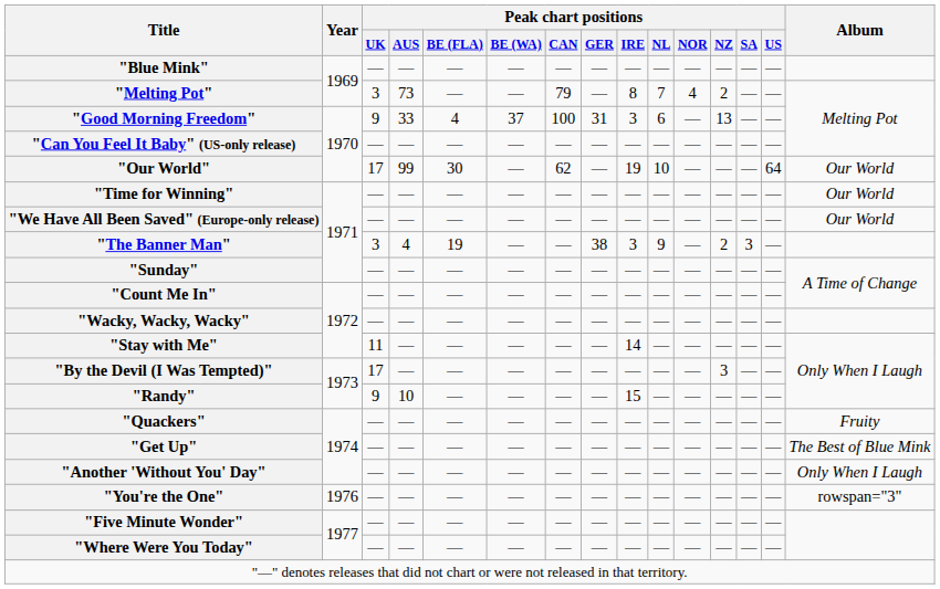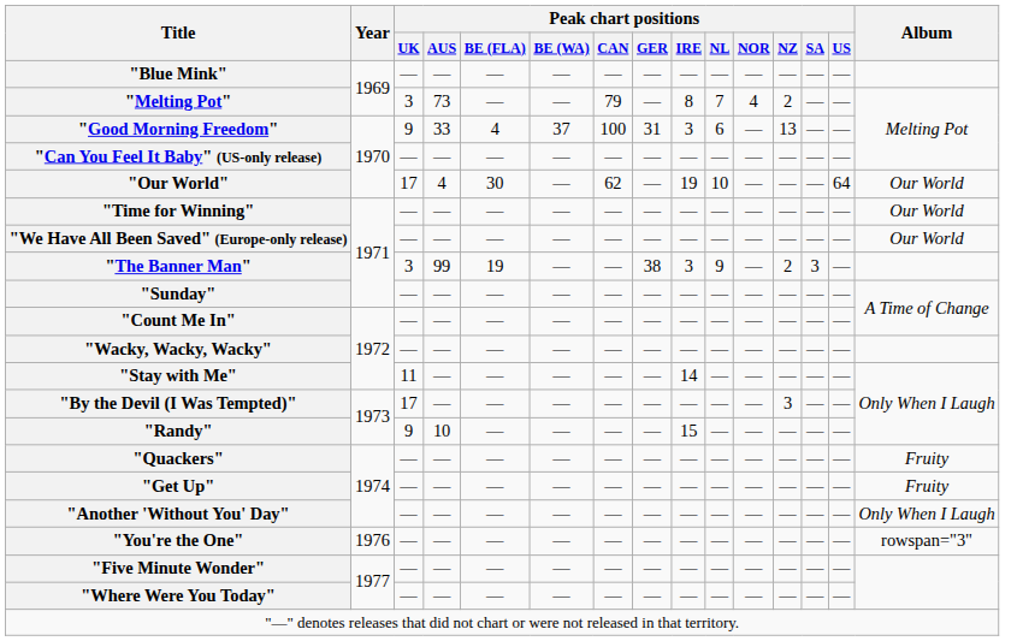 <table class="wikitable plainrowheaders" style="text-align:center;">
 <tr>
 <th rowspan="2">Title</th>
 <th rowspan="2">Year</th>
 <th colspan="12">Peak chart positions</th>
 <th rowspan="2">Album</th>
 </tr>
 <tr>
 <th scope="col"><small><a href='#'>UK</a></small><br></th>
 <th scope="col"><small><a href='#'>AUS</a></small><br></th>
 <th><small><a href='#'>BE (FLA)</a></small><br></th>
 <th><small><a href='#'>BE (WA)</a></small><br></th>
 <th><small><a href='#'>CAN</a></small><br></th>
 <th><small><a href='#'>GER</a></small><br></th>
 <th><small><a href='#'>IRE</a></small><br></th>
 <th><small><a href='#'>NL</a></small><br></th>
 <th><small><a href='#'>NOR</a></small><br></th>
 <th><small><a href='#'>NZ</a></small><br></th>
 <th><small><a href='#'>SA</a></small><br></th>
 <th><small><a href='#'>US</a></small><br></th>
 </tr>
 <tr>
 <th scope="row">"Blue Mink"</th>
 <td rowspan="2">1969</td>
 <td>—</td>
 <td>—</td>
 <td>—</td>
 <td>—</td>
 <td>—</td>
 <td>—</td>
 <td>—</td>
 <td>—</td>
 <td>—</td>
 <td>—</td>
 <td>—</td>
 <td>—</td>
 <td></td>
 </tr>
 <tr>
 <th scope="row">"<a href='#'>Melting Pot</a>"</th>
 <td align="center">3</td>
 <td>73</td>
 <td>—</td>
 <td>—</td>
 <td>79</td>
 <td>—</td>
 <td>8</td>
 <td>7</td>
 <td>4</td>
 <td>2</td>
 <td>—</td>
 <td>—</td>
 <td rowspan="3"><em>Melting Pot</em></td>
 </tr>
 <tr>
 <th scope="row">"<a href='#'>Good Morning Freedom</a>"</th>
 <td rowspan="3">1970</td>
 <td>9</td>
 <td>33</td>
 <td>4</td>
 <td>37</td>
 <td>100</td>
 <td>31</td>
 <td>3</td>
 <td>6</td>
 <td>—</td>
 <td>13</td>
 <td>—</td>
 <td>—</td>
 </tr>
 <tr>
 <th scope="row">"<a href='#'>Can You Feel It Baby</a>" <small>(US-only release)</small></th>
 <td>—</td>
 <td>—</td>
 <td>—</td>
 <td>—</td>
 <td>—</td>
 <td>—</td>
 <td>—</td>
 <td>—</td>
 <td>—</td>
 <td>—</td>
 <td>—</td>
 <td>—</td>
 </tr>
 <tr>
 <th scope="row">"Our World"</th>
 <td align="center">17</td>
-<td>99</td>
+<td>4</td>
 <td>30</td>
 <td>—</td>
 <td>62</td>
 <td>—</td>
 <td>19</td>
 <td>10</td>
 <td>—</td>
 <td>—</td>
 <td>—</td>
 <td>64</td>
 <td><em>Our World</em></td>
 </tr>
 <tr>
 <th scope="row">"Time for Winning"</th>
 <td rowspan="4">1971</td>
 <td align="center">—</td>
 <td>—</td>
 <td>—</td>
 <td>—</td>
 <td>—</td>
 <td>—</td>
 <td>—</td>
 <td>—</td>
 <td>—</td>
 <td>—</td>
 <td>—</td>
 <td>—</td>
 <td><em>Our World</em></td>
 </tr>
 <tr>
 <th scope="row">"We Have All Been Saved" <small>(Europe-only release)</small></th>
 <td align="center">—</td>
 <td>—</td>
 <td>—</td>
 <td>—</td>
 <td>—</td>
 <td>—</td>
 <td>—</td>
 <td>—</td>
 <td>—</td>
 <td>—</td>
 <td>—</td>
 <td>—</td>
 <td><em>Our World</em></td>
 </tr>
 <tr>
 <th scope="row">"<a href='#'>The Banner Man</a>"</th>
 <td align="center">3</td>
-<td>4</td>
+<td>99</td>
 <td>19</td>
 <td>—</td>
 <td>—</td>
 <td>38</td>
 <td>3</td>
 <td>9</td>
 <td>—</td>
 <td>2</td>
 <td>3</td>
 <td>—</td>
 <td></td>
 </tr>
 <tr>
 <th scope="row">"Sunday"</th>
 <td align="center">—</td>
 <td>—</td>
 <td>—</td>
 <td>—</td>
 <td>—</td>
 <td>—</td>
 <td>—</td>
 <td>—</td>
 <td>—</td>
 <td>—</td>
 <td>—</td>
 <td>—</td>
 <td rowspan="2"><em>A Time of Change</em></td>
 </tr>
 <tr>
 <th scope="row">"Count Me In"</th>
 <td rowspan="3">1972</td>
 <td>—</td>
 <td>—</td>
 <td>—</td>
 <td>—</td>
 <td>—</td>
 <td>—</td>
 <td>—</td>
 <td>—</td>
 <td>—</td>
 <td>—</td>
 <td>—</td>
 <td>—</td>
 </tr>
 <tr>
 <th scope="row">"Wacky, Wacky, Wacky"</th>
 <td align="center">—</td>
 <td>—</td>
 <td>—</td>
 <td>—</td>
 <td>—</td>
 <td>—</td>
 <td>—</td>
 <td>—</td>
 <td>—</td>
 <td>—</td>
 <td>—</td>
 <td>—</td>
 <td></td>
 </tr>
 <tr>
 <th scope="row">"Stay with Me"</th>
 <td>11</td>
 <td>—</td>
 <td>—</td>
 <td>—</td>
 <td>—</td>
 <td>—</td>
 <td>14</td>
 <td>—</td>
 <td>—</td>
 <td>—</td>
 <td>—</td>
 <td>—</td>
 <td rowspan="3"><em>Only When I Laugh</em></td>
 </tr>
 <tr>
 <th scope="row">"By the Devil (I Was Tempted)"</th>
 <td rowspan="2">1973</td>
 <td align="center">17</td>
 <td>—</td>
 <td>—</td>
 <td>—</td>
 <td>—</td>
 <td>—</td>
 <td>—</td>
 <td>—</td>
 <td>—</td>
 <td>3</td>
 <td>—</td>
 <td>—</td>
 </tr>
 <tr>
 <th scope="row">"Randy"</th>
 <td>9</td>
 <td>10</td>
 <td>—</td>
 <td>—</td>
 <td>—</td>
 <td>—</td>
 <td>15</td>
 <td>—</td>
 <td>—</td>
 <td>—</td>
 <td>—</td>
 <td>—</td>
 </tr>
 <tr>
 <th scope="row">"Quackers"</th>
 <td rowspan="3">1974</td>
 <td>—</td>
 <td>—</td>
 <td>—</td>
 <td>—</td>
 <td>—</td>
 <td>—</td>
 <td>—</td>
 <td>—</td>
 <td>—</td>
 <td>—</td>
 <td>—</td>
 <td>—</td>
 <td><em>Fruity</em></td>
 </tr>
 <tr>
 <th scope="row">"Get Up"</th>
 <td align="center">—</td>
 <td>—</td>
 <td>—</td>
 <td>—</td>
 <td>—</td>
 <td>—</td>
 <td>—</td>
 <td>—</td>
 <td>—</td>
 <td>—</td>
 <td>—</td>
 <td>—</td>
-<td><em>The Best of Blue Mink</em></td>
+<td><em>Fruity</em></td>
 </tr>
 <tr>
 <th scope="row">"Another 'Without You' Day"</th>
 <td align="center">—</td>
 <td>—</td>
 <td>—</td>
 <td>—</td>
 <td>—</td>
 <td>—</td>
 <td>—</td>
 <td>—</td>
 <td>—</td>
 <td>—</td>
 <td>—</td>
 <td>—</td>
 <td><em>Only When I Laugh</em></td>
 </tr>
 <tr>
 <th scope="row">"You're the One"</th>
 <td>1976</td>
 <td align="center">—</td>
 <td>—</td>
 <td>—</td>
 <td>—</td>
 <td>—</td>
 <td>—</td>
 <td>—</td>
 <td>—</td>
 <td>—</td>
 <td>—</td>
 <td>—</td>
 <td>—</td>
 <td>rowspan="3" </td>
 </tr>
 <tr>
 <th scope="row">"Five Minute Wonder"</th>
 <td rowspan="2">1977</td>
 <td align="center">—</td>
 <td>—</td>
 <td>—</td>
 <td>—</td>
 <td>—</td>
 <td>—</td>
 <td>—</td>
 <td>—</td>
 <td>—</td>
 <td>—</td>
 <td>—</td>
 <td>—</td>
 </tr>
 <tr>
 <th scope="row">"Where Were You Today"</th>
 <td>—</td>
 <td>—</td>
 <td>—</td>
 <td>—</td>
 <td>—</td>
 <td>—</td>
 <td>—</td>
 <td>—</td>
 <td>—</td>
 <td>—</td>
 <td>—</td>
 <td>—</td>
 </tr>
 <tr>
 <td colspan="15" style="font-size:90%">"—" denotes releases that did not chart or were not released in that territory.</td>
 </tr>
 </table>
